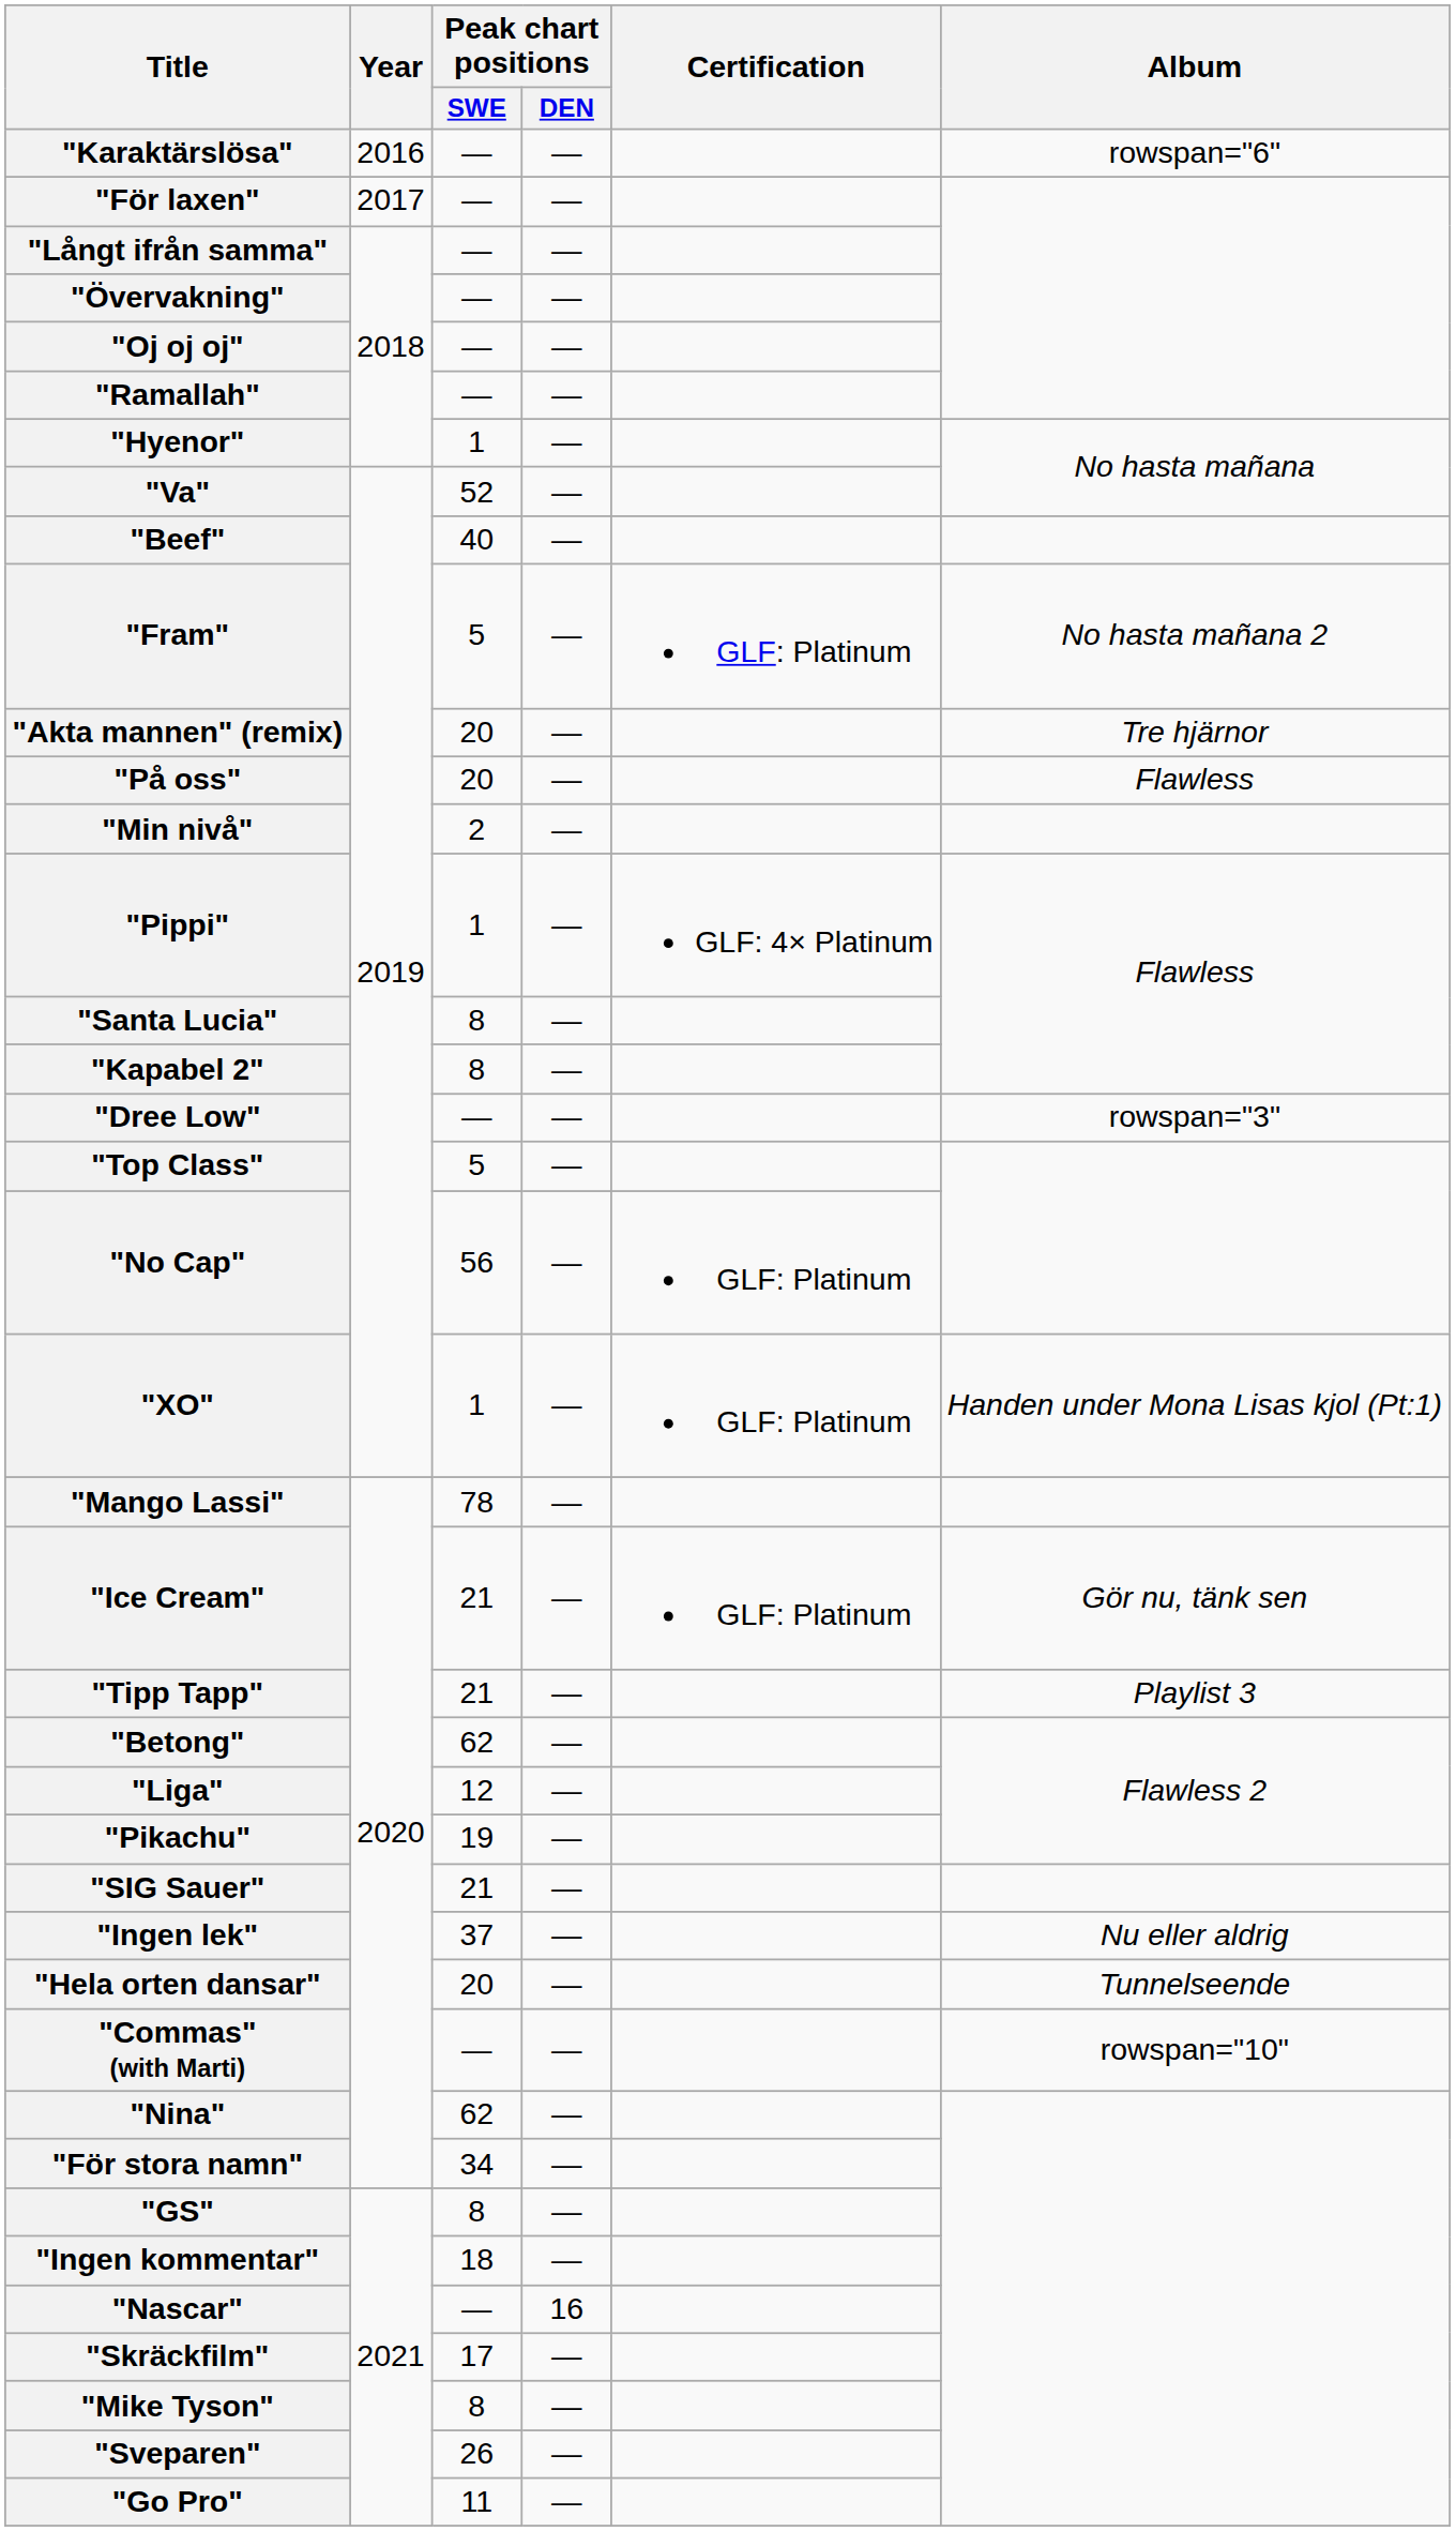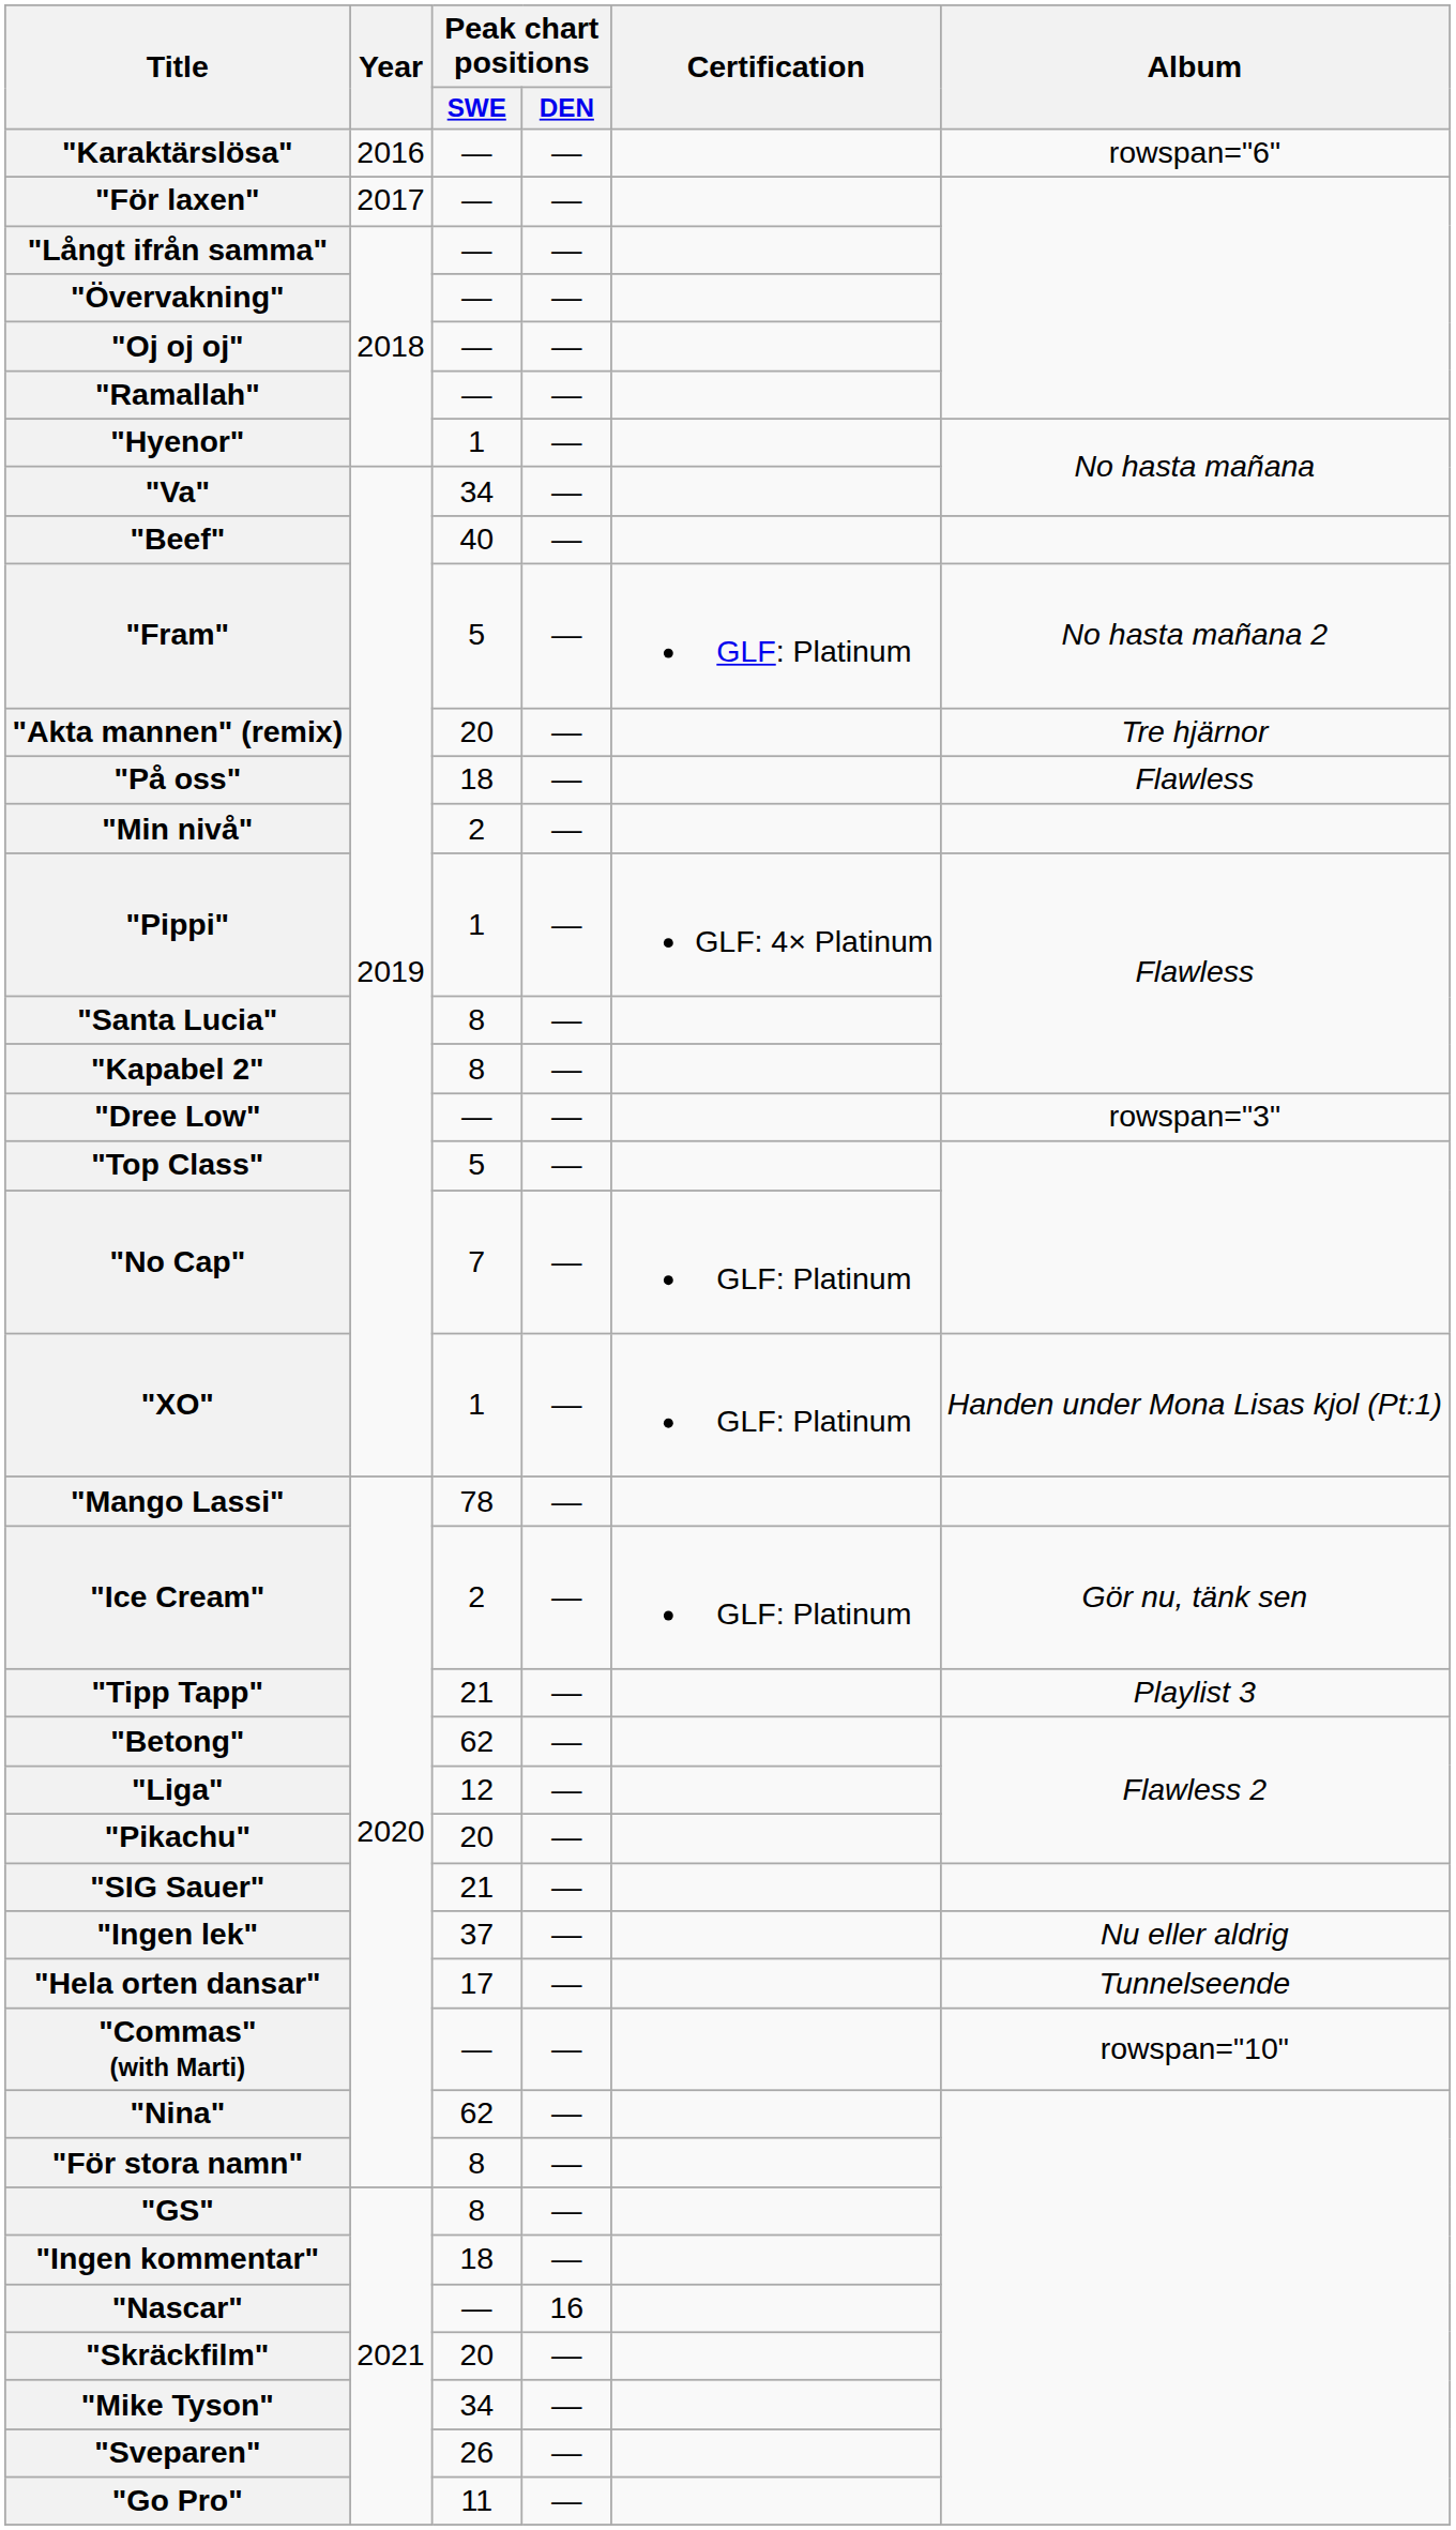 <table class="wikitable plainrowheaders" style="text-align:center;">
 <tr>
 <th scope="col" rowspan="2">Title</th>
 <th scope="col" rowspan="2">Year</th>
 <th scope="col" colspan="2">Peak chart positions</th>
 <th scope="col" rowspan="2">Certification</th>
 <th scope="col" rowspan="2">Album</th>
 </tr>
 <tr>
 <th scope="col" style="width:3em;font-size:85%;"><a href='#'>SWE</a><br></th>
 <th scope="col" style="width:3em;font-size:85%;"><a href='#'>DEN</a><br></th>
 </tr>
 <tr>
 <th scope="row">"Karaktärslösa"</th>
 <td>2016</td>
 <td>—</td>
 <td>—</td>
 <td></td>
 <td>rowspan="6"</td>
 </tr>
 <tr>
 <th scope="row">"För laxen"<br></th>
 <td>2017</td>
 <td>—</td>
 <td>—</td>
 <td></td>
 </tr>
 <tr>
 <th scope="row">"Långt ifrån samma"</th>
 <td rowspan="5">2018</td>
 <td>—</td>
 <td>—</td>
 <td></td>
 </tr>
 <tr>
 <th scope="row">"Övervakning"</th>
 <td>—</td>
 <td>—</td>
 <td></td>
 </tr>
 <tr>
 <th scope="row">"Oj oj oj"<br></th>
 <td>—</td>
 <td>—</td>
 <td></td>
 </tr>
 <tr>
 <th scope="row">"Ramallah"<br></th>
 <td>—</td>
 <td>—</td>
 <td></td>
 </tr>
 <tr>
 <th scope="row">"Hyenor"</th>
 <td>1</td>
 <td>—</td>
 <td></td>
 <td rowspan="2"><em>No hasta mañana</em></td>
 </tr>
 <tr>
 <th scope="row">"Va"</th>
 <td rowspan="13">2019</td>
-<td>52</td>
+<td>34<br></td>
 <td>—</td>
 <td></td>
 </tr>
 <tr>
 <th scope="row">"Beef"<br></th>
 <td>40<br></td>
 <td>—</td>
 <td></td>
 <td></td>
 </tr>
 <tr>
 <th scope="row">"Fram"<br></th>
 <td>5</td>
 <td>—</td>
 <td><br><ul><li><a href='#'>GLF</a>: Platinum</li></ul></td>
 <td><em>No hasta mañana 2</em></td>
 </tr>
 <tr>
 <th scope="row">"Akta mannen" (remix)<br></th>
 <td>20<br></td>
 <td>—</td>
 <td></td>
 <td><em>Tre hjärnor</em></td>
 </tr>
 <tr>
 <th scope="row">"På oss"</th>
-<td>20</td>
+<td>18<br></td>
 <td>—</td>
 <td></td>
 <td><em>Flawless</em></td>
 </tr>
 <tr>
 <th scope="row">"Min nivå" <br></th>
 <td>2</td>
 <td>—</td>
 <td></td>
 <td></td>
 </tr>
 <tr>
 <th scope="row">"Pippi"</th>
 <td>1</td>
 <td>—</td>
 <td><br><ul><li>GLF: 4× Platinum</li></ul></td>
 <td rowspan="3"><em>Flawless</em></td>
 </tr>
 <tr>
 <th scope="row">"Santa Lucia"</th>
 <td>8<br></td>
 <td>—</td>
 <td></td>
 </tr>
 <tr>
 <th scope="row">"Kapabel 2"<br></th>
 <td>8</td>
 <td>—</td>
 <td></td>
 </tr>
 <tr>
 <th scope="row">"Dree Low"<br></th>
 <td>—</td>
 <td>—</td>
 <td></td>
 <td>rowspan="3" </td>
 </tr>
 <tr>
 <th scope="row">"Top Class"<br></th>
 <td>5</td>
 <td>—</td>
 <td></td>
 </tr>
 <tr>
 <th scope="row">"No Cap" <br></th>
-<td>56</td>
+<td>7<br></td>
 <td>—</td>
 <td><br><ul><li>GLF: Platinum</li></ul></td>
 </tr>
 <tr>
 <th scope="row">"XO"<br></th>
 <td>1</td>
 <td>—</td>
 <td><br><ul><li>GLF: Platinum</li></ul></td>
 <td><em>Handen under Mona Lisas kjol (Pt:1)</em></td>
 </tr>
 <tr>
 <th scope="row">"Mango Lassi" <br></th>
 <td rowspan="12">2020</td>
 <td>78<br></td>
 <td>—</td>
 <td></td>
 <td></td>
 </tr>
 <tr>
 <th scope="row">"Ice Cream"<br></th>
-<td>21</td>
+<td>2<br></td>
 <td>—</td>
 <td><br><ul><li>GLF: Platinum</li></ul></td>
 <td><em>Gör nu, tänk sen</em></td>
 </tr>
 <tr>
 <th scope="row">"Tipp Tapp"<br></th>
 <td>21<br></td>
 <td>—</td>
 <td></td>
 <td><em>Playlist 3</em></td>
 </tr>
 <tr>
 <th scope="row">"Betong"</th>
 <td>62</td>
 <td>—</td>
 <td></td>
 <td rowspan="3"><em>Flawless 2</em></td>
 </tr>
 <tr>
 <th scope="row">"Liga"</th>
 <td>12</td>
 <td>—</td>
 <td></td>
 </tr>
 <tr>
 <th scope="row">"Pikachu"</th>
-<td>19</td>
+<td>20<br></td>
 <td>—</td>
 <td></td>
 </tr>
 <tr>
 <th scope="row">"SIG Sauer"<br></th>
 <td>21</td>
 <td>—</td>
 <td></td>
 <td></td>
 </tr>
 <tr>
 <th scope="row">"Ingen lek"<br></th>
 <td>37<br></td>
 <td>—</td>
 <td></td>
 <td><em>Nu eller aldrig</em></td>
 </tr>
 <tr>
 <th scope="row">"Hela orten dansar"</th>
-<td>20<br></td>
+<td>17</td>
 <td>—</td>
 <td></td>
 <td><em>Tunnelseende</em></td>
 </tr>
 <tr>
 <th scope="row">"Commas"<br><small>(with Marti)</small></th>
 <td>—</td>
 <td>—</td>
 <td></td>
 <td>rowspan="10" </td>
 </tr>
 <tr>
 <th scope="row">"Nina"</th>
 <td>62</td>
 <td>—</td>
 <td></td>
 </tr>
 <tr>
 <th scope="row">"För stora namn"<br></th>
-<td>34<br></td>
+<td>8</td>
 <td>—</td>
 <td></td>
 </tr>
 <tr>
 <th scope="row">"GS"</th>
 <td rowspan="7">2021</td>
 <td>8</td>
 <td>—</td>
 <td></td>
 </tr>
 <tr>
 <th scope="row">"Ingen kommentar"<br></th>
 <td>18<br></td>
 <td>—</td>
 <td></td>
 </tr>
 <tr>
 <th scope="row">"Nascar"<br></th>
 <td>—</td>
 <td>16</td>
 <td></td>
 </tr>
 <tr>
 <th scope="row">"Skräckfilm"<br></th>
-<td>17</td>
+<td>20<br></td>
 <td>—</td>
 <td></td>
 </tr>
 <tr>
 <th scope="row">"Mike Tyson"</th>
-<td>8<br></td>
+<td>34<br></td>
 <td>—</td>
 <td></td>
 </tr>
 <tr>
 <th scope="row">"Sveparen"</th>
 <td>26<br></td>
 <td>—</td>
 <td></td>
 </tr>
 <tr>
 <th scope="row">"Go Pro"<br></th>
 <td>11<br></td>
 <td>—</td>
 <td></td>
 </tr>
 </table>
